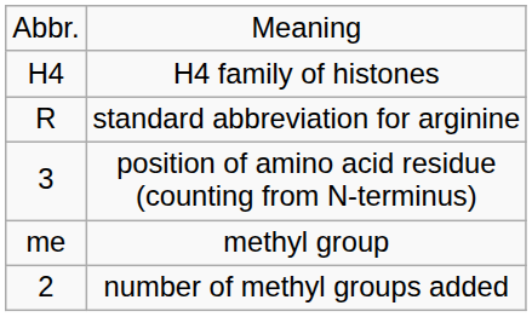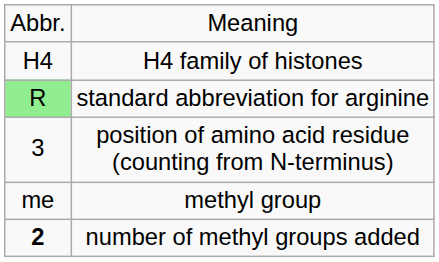 <table class="wikitable" style="text-align:center">
 <tr>
 <td>Abbr.</td>
 <td>Meaning</td>
 </tr>
 <tr>
 <td>H4</td>
 <td>H4 family of histones</td>
 </tr>
 <tr>
-<td>R</td>
+<td style="background: lightgreen;">R</td>
 <td>standard abbreviation for arginine</td>
 </tr>
 <tr>
 <td>3</td>
 <td>position of amino acid residue<br>(counting from N-terminus)</td>
 </tr>
 <tr>
 <td>me</td>
 <td>methyl group</td>
 </tr>
 <tr>
-<td>2</td>
+<td><strong>2</strong></td>
 <td>number of methyl groups added</td>
 </tr>
 </table>
